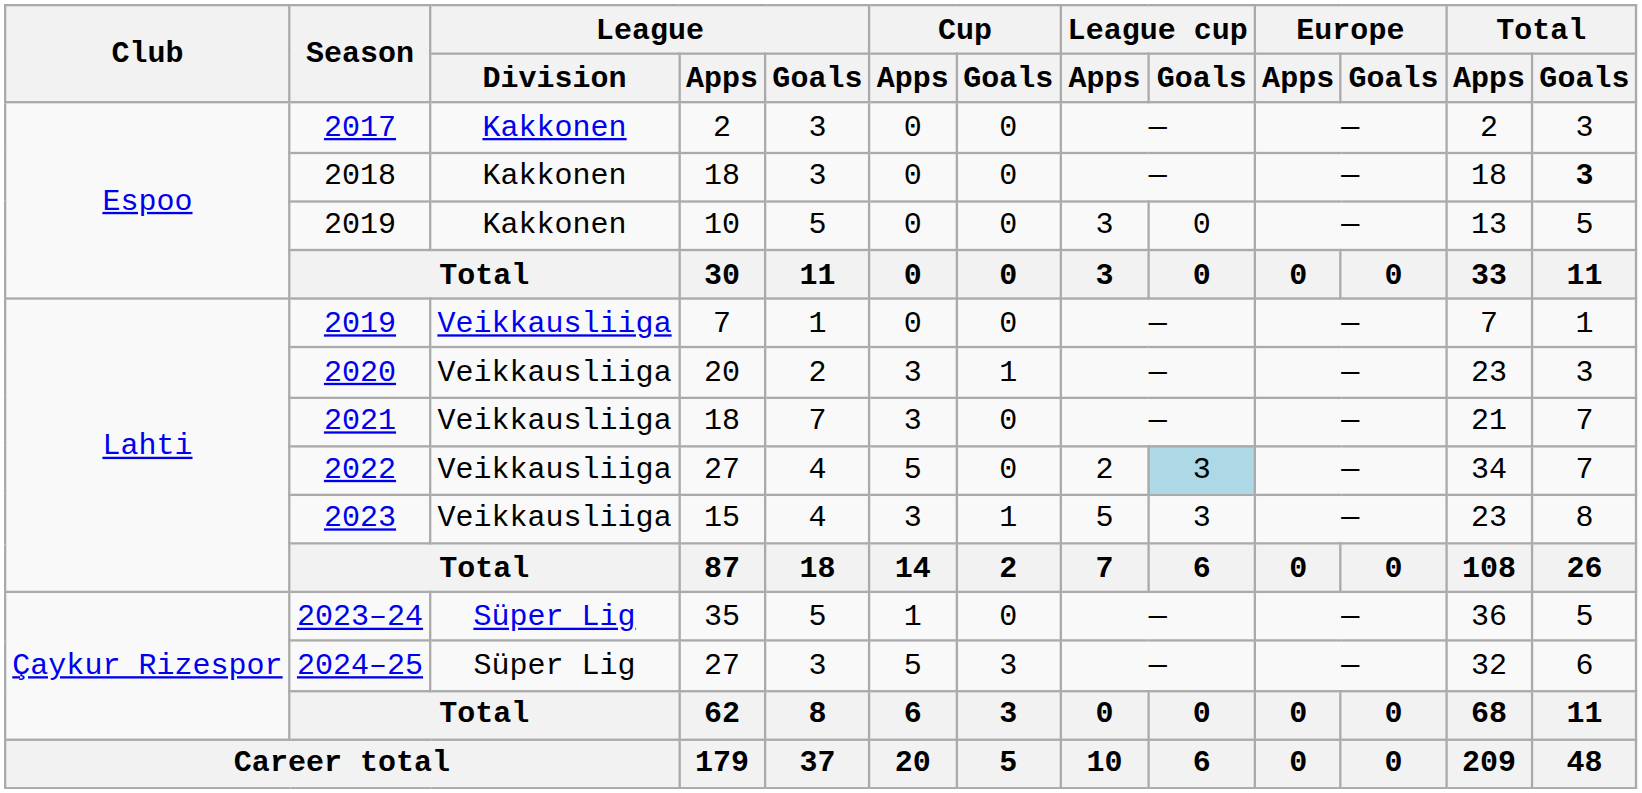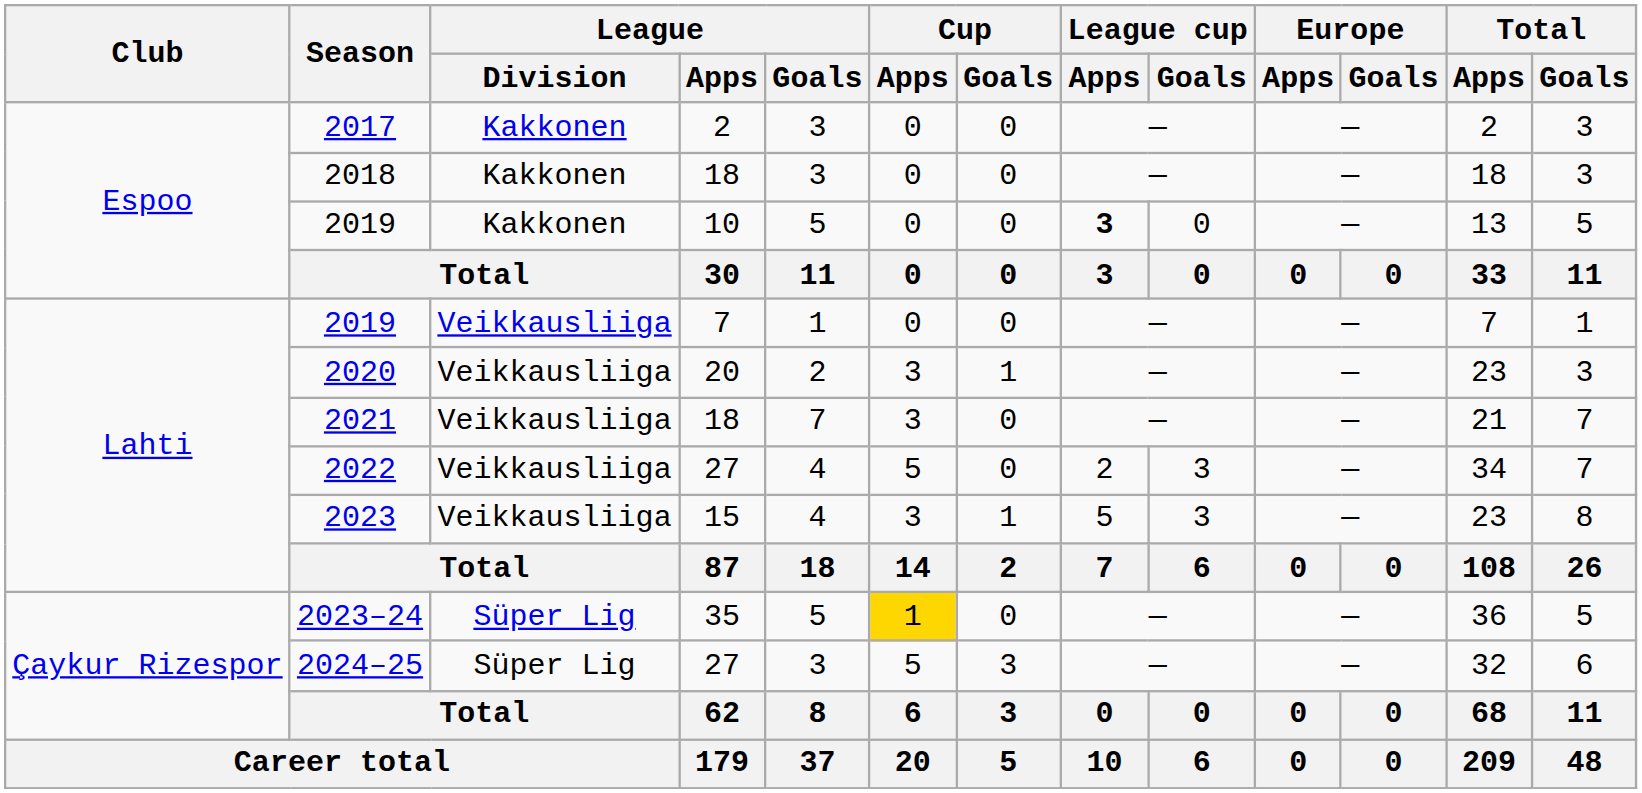 <table class="wikitable" style="text-align:center">
 <tr>
 <th rowspan="2">Club</th>
 <th rowspan="2">Season</th>
 <th colspan="3">League</th>
 <th colspan="2">Cup</th>
 <th colspan="2">League cup</th>
 <th colspan="2">Europe</th>
 <th colspan="2">Total</th>
 </tr>
 <tr>
 <th>Division</th>
 <th>Apps</th>
 <th>Goals</th>
 <th>Apps</th>
 <th>Goals</th>
 <th>Apps</th>
 <th>Goals</th>
 <th>Apps</th>
 <th>Goals</th>
 <th>Apps</th>
 <th>Goals</th>
 </tr>
 <tr>
 <td rowspan="4"><a href='#'>Espoo</a></td>
 <td><a href='#'>2017</a></td>
 <td><a href='#'>Kakkonen</a></td>
 <td>2</td>
 <td>3</td>
 <td>0</td>
 <td>0</td>
 <td colspan="2">—</td>
 <td colspan="2">—</td>
 <td>2</td>
 <td>3</td>
 </tr>
 <tr>
 <td>2018</td>
 <td>Kakkonen</td>
 <td>18</td>
 <td>3</td>
 <td>0</td>
 <td>0</td>
 <td colspan="2">—</td>
 <td colspan="2">—</td>
 <td>18</td>
-<td><strong>3</strong></td>
+<td>3</td>
 </tr>
 <tr>
 <td>2019</td>
 <td>Kakkonen</td>
 <td>10</td>
 <td>5</td>
 <td>0</td>
 <td>0</td>
-<td>3</td>
+<td><strong>3</strong></td>
 <td>0</td>
 <td colspan="2">—</td>
 <td>13</td>
 <td>5</td>
 </tr>
 <tr>
 <th colspan="2">Total</th>
 <th>30</th>
 <th>11</th>
 <th>0</th>
 <th>0</th>
 <th>3</th>
 <th>0</th>
 <th>0</th>
 <th>0</th>
 <th>33</th>
 <th>11</th>
 </tr>
 <tr>
 <td rowspan="6"><a href='#'>Lahti</a></td>
 <td><a href='#'>2019</a></td>
 <td><a href='#'>Veikkausliiga</a></td>
 <td>7</td>
 <td>1</td>
 <td>0</td>
 <td>0</td>
 <td colspan="2">—</td>
 <td colspan="2">—</td>
 <td>7</td>
 <td>1</td>
 </tr>
 <tr>
 <td><a href='#'>2020</a></td>
 <td>Veikkausliiga</td>
 <td>20</td>
 <td>2</td>
 <td>3</td>
 <td>1</td>
 <td colspan="2">—</td>
 <td colspan="2">—</td>
 <td>23</td>
 <td>3</td>
 </tr>
 <tr>
 <td><a href='#'>2021</a></td>
 <td>Veikkausliiga</td>
 <td>18</td>
 <td>7</td>
 <td>3</td>
 <td>0</td>
 <td colspan="2">—</td>
 <td colspan="2">—</td>
 <td>21</td>
 <td>7</td>
 </tr>
 <tr>
 <td><a href='#'>2022</a></td>
 <td>Veikkausliiga</td>
 <td>27</td>
 <td>4</td>
 <td>5</td>
 <td>0</td>
 <td>2</td>
-<td style="background: lightblue;">3</td>
+<td>3</td>
 <td colspan="2">—</td>
 <td>34</td>
 <td>7</td>
 </tr>
 <tr>
 <td><a href='#'>2023</a></td>
 <td>Veikkausliiga</td>
 <td>15</td>
 <td>4</td>
 <td>3</td>
 <td>1</td>
 <td>5</td>
 <td>3</td>
 <td colspan="2">—</td>
 <td>23</td>
 <td>8</td>
 </tr>
 <tr>
 <th colspan="2">Total</th>
 <th>87</th>
 <th>18</th>
 <th>14</th>
 <th>2</th>
 <th>7</th>
 <th>6</th>
 <th>0</th>
 <th>0</th>
 <th>108</th>
 <th>26</th>
 </tr>
 <tr>
 <td rowspan=3><a href='#'>Çaykur Rizespor</a></td>
 <td><a href='#'>2023–24</a></td>
 <td><a href='#'>Süper Lig</a></td>
 <td>35</td>
 <td>5</td>
-<td>1</td>
+<td style="background: gold;">1</td>
 <td>0</td>
 <td colspan="2">—</td>
 <td colspan="2">—</td>
 <td>36</td>
 <td>5</td>
 </tr>
 <tr>
 <td><a href='#'>2024–25</a></td>
 <td>Süper Lig</td>
 <td>27</td>
 <td>3</td>
 <td>5</td>
 <td>3</td>
 <td colspan="2">—</td>
 <td colspan="2">—</td>
 <td>32</td>
 <td>6</td>
 </tr>
 <tr>
 <th colspan="2">Total</th>
 <th>62</th>
 <th>8</th>
 <th>6</th>
 <th>3</th>
 <th>0</th>
 <th>0</th>
 <th>0</th>
 <th>0</th>
 <th>68</th>
 <th>11</th>
 </tr>
 <tr>
 <th colspan="3">Career total</th>
 <th>179</th>
 <th>37</th>
 <th>20</th>
 <th>5</th>
 <th>10</th>
 <th>6</th>
 <th>0</th>
 <th>0</th>
 <th>209</th>
 <th>48</th>
 </tr>
 </table>
